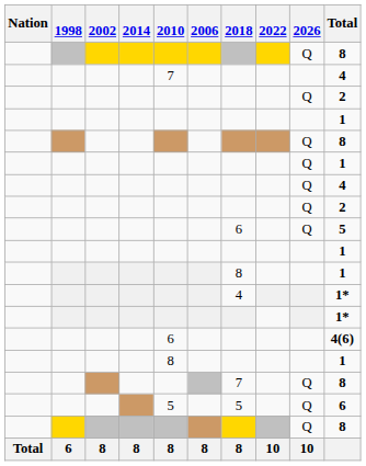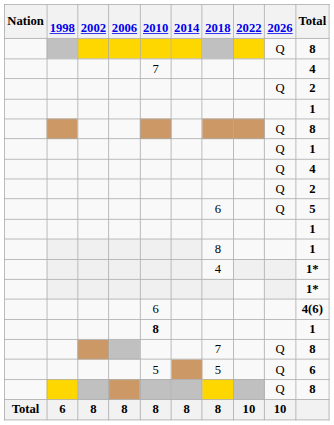 <table class="wikitable" style="text-align:center">
 <tr>
 <th>Nation</th>
 <th><br><a href='#'>1998</a><br></th>
 <th><br><a href='#'>2002</a><br></th>
+<th><br><a href='#'>2006</a><br></th>
+<th><br><a href='#'>2010</a><br></th>
 <th><br><a href='#'>2014</a><br></th>
-<th><br><a href='#'>2010</a><br></th>
-<th><br><a href='#'>2006</a><br></th>
 <th><br><a href='#'>2018</a><br></th>
 <th><br><a href='#'>2022</a><br></th>
 <th><br><a href='#'>2026</a><br></th>
 <th>Total</th>
 </tr>
 <tr>
 <td align=left></td>
 <td bgcolor=silver></td>
 <td bgcolor=gold></td>
 <td bgcolor=gold></td>
 <td bgcolor=gold></td>
 <td bgcolor=gold></td>
 <td bgcolor=silver></td>
 <td bgcolor=gold></td>
 <td>Q</td>
 <td><strong>8</strong></td>
 </tr>
 <tr>
 <td align=left></td>
 <td></td>
 <td></td>
 <td></td>
 <td>7</td>
 <td></td>
 <td></td>
 <td></td>
 <td></td>
 <td><strong>4</strong></td>
 </tr>
 <tr>
 <td align=left></td>
 <td></td>
 <td></td>
 <td></td>
 <td></td>
 <td></td>
 <td></td>
 <td></td>
 <td>Q</td>
 <td><strong>2</strong></td>
 </tr>
 <tr>
 <td align=left></td>
 <td></td>
 <td></td>
 <td></td>
 <td></td>
 <td></td>
 <td></td>
 <td></td>
 <td></td>
 <td><strong>1</strong></td>
 </tr>
 <tr>
 <td align=left></td>
 <td bgcolor=cc9966></td>
 <td></td>
 <td></td>
 <td bgcolor=cc9966></td>
 <td></td>
 <td bgcolor=cc9966></td>
 <td bgcolor=cc9966></td>
 <td>Q</td>
 <td><strong>8</strong></td>
 </tr>
 <tr>
 <td align=left></td>
 <td></td>
 <td></td>
 <td></td>
 <td></td>
 <td></td>
 <td></td>
 <td></td>
 <td>Q</td>
 <td><strong>1</strong></td>
 </tr>
 <tr>
 <td align=left></td>
 <td></td>
 <td></td>
 <td></td>
 <td></td>
 <td></td>
 <td></td>
 <td></td>
 <td>Q</td>
 <td><strong>4</strong></td>
 </tr>
 <tr>
 <td align=left></td>
 <td></td>
 <td></td>
 <td></td>
 <td></td>
 <td></td>
 <td></td>
 <td></td>
 <td>Q</td>
 <td><strong>2</strong></td>
 </tr>
 <tr>
 <td align=left></td>
 <td></td>
 <td></td>
 <td></td>
 <td></td>
 <td></td>
 <td>6</td>
 <td></td>
 <td>Q</td>
 <td><strong>5</strong></td>
 </tr>
 <tr>
 <td align=left></td>
 <td></td>
 <td></td>
 <td></td>
 <td></td>
 <td></td>
 <td></td>
 <td></td>
 <td></td>
 <td><strong>1</strong></td>
 </tr>
 <tr>
 <td align=left></td>
 <td bgcolor=F0F0F0></td>
 <td bgcolor=F0F0F0></td>
 <td bgcolor=F0F0F0></td>
 <td bgcolor=F0F0F0></td>
 <td bgcolor=F0F0F0></td>
 <td>8</td>
 <td></td>
 <td></td>
 <td><strong>1</strong></td>
 </tr>
 <tr>
 <td align=left></td>
 <td bgcolor=F0F0F0></td>
 <td bgcolor=F0F0F0></td>
 <td bgcolor=F0F0F0></td>
 <td bgcolor=F0F0F0></td>
 <td bgcolor=F0F0F0></td>
 <td>4</td>
 <td bgcolor=F0F0F0></td>
 <td bgcolor=F0F0F0></td>
 <td><strong>1*</strong></td>
 </tr>
 <tr>
 <td align=left> </td>
 <td bgcolor=F0F0F0></td>
 <td bgcolor=F0F0F0></td>
 <td bgcolor=F0F0F0></td>
 <td bgcolor=F0F0F0></td>
 <td bgcolor=F0F0F0></td>
 <td bgcolor=F0F0F0></td>
 <td></td>
 <td bgcolor=F0F0F0></td>
 <td><strong>1*</strong></td>
 </tr>
 <tr>
 <td align=left></td>
 <td></td>
 <td></td>
 <td></td>
 <td>6</td>
 <td></td>
 <td></td>
 <td></td>
 <td></td>
 <td><strong>4(6)</strong></td>
 </tr>
 <tr>
 <td align=left></td>
 <td></td>
 <td></td>
 <td></td>
-<td>8</td>
+<td><strong>8</strong></td>
 <td></td>
 <td></td>
 <td></td>
 <td></td>
 <td><strong>1</strong></td>
 </tr>
 <tr>
 <td align=left></td>
 <td></td>
 <td bgcolor=cc9966></td>
+<td bgcolor=silver></td>
 <td></td>
 <td></td>
-<td bgcolor=silver></td>
 <td>7</td>
 <td></td>
 <td>Q</td>
 <td><strong>8</strong></td>
 </tr>
 <tr>
 <td align=left></td>
 <td></td>
 <td></td>
+<td></td>
+<td>5</td>
 <td bgcolor=cc9966></td>
-<td>5</td>
-<td></td>
 <td>5</td>
 <td></td>
 <td>Q</td>
 <td><strong>6</strong></td>
 </tr>
 <tr>
 <td align=left></td>
 <td bgcolor=gold></td>
 <td bgcolor=silver></td>
+<td bgcolor=cc9966></td>
 <td bgcolor=silver></td>
 <td bgcolor=silver></td>
-<td bgcolor=cc9966></td>
 <td bgcolor=gold></td>
 <td bgcolor=silver></td>
 <td>Q</td>
 <td><strong>8</strong></td>
 </tr>
 <tr style="background:#ddd" class="sortbottom">
 <th align=left>Total</th>
 <th>6</th>
 <th>8</th>
 <th>8</th>
 <th>8</th>
 <th>8</th>
 <th>8</th>
 <th>10</th>
 <th>10</th>
 <th></th>
 </tr>
 </table>
